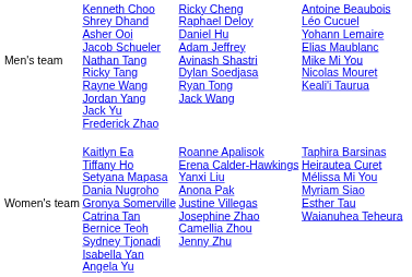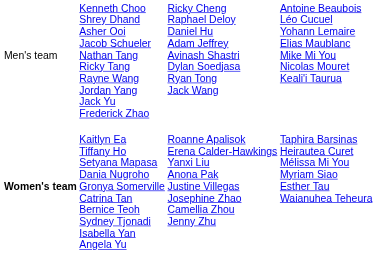 <table>
 <tr>
 <td>Men's team</td>
 <td valign="top"><br><a href='#'>Kenneth Choo</a><br><a href='#'>Shrey Dhand</a><br><a href='#'>Asher Ooi</a><br><a href='#'>Jacob Schueler</a><br><a href='#'>Nathan Tang</a><br><a href='#'>Ricky Tang</a><br><a href='#'>Rayne Wang</a><br><a href='#'>Jordan Yang</a><br><a href='#'>Jack Yu</a><br><a href='#'>Frederick Zhao</a></td>
 <td valign="top"><br><a href='#'>Ricky Cheng</a><br><a href='#'>Raphael Deloy</a><br><a href='#'>Daniel Hu</a><br><a href='#'>Adam Jeffrey</a><br><a href='#'>Avinash Shastri</a><br><a href='#'>Dylan Soedjasa</a><br><a href='#'>Ryan Tong</a><br><a href='#'>Jack Wang</a></td>
 <td valign="top"><br><a href='#'>Antoine Beaubois</a><br><a href='#'>Léo Cucuel</a><br><a href='#'>Yohann Lemaire</a><br><a href='#'>Elias Maublanc</a><br><a href='#'>Mike Mi You</a><br><a href='#'>Nicolas Mouret</a><br><a href='#'>Keali'i Taurua</a></td>
 </tr>
 <tr>
-<td>Women's team</td>
+<td><strong>Women's team</strong></td>
 <td valign="top"><br><a href='#'>Kaitlyn Ea</a><br><a href='#'>Tiffany Ho</a><br><a href='#'>Setyana Mapasa</a><br><a href='#'>Dania Nugroho</a><br><a href='#'>Gronya Somerville</a><br><a href='#'>Catrina Tan</a><br><a href='#'>Bernice Teoh</a><br><a href='#'>Sydney Tjonadi</a><br><a href='#'>Isabella Yan</a><br><a href='#'>Angela Yu</a></td>
 <td valign="top"><br><a href='#'>Roanne Apalisok</a><br><a href='#'>Erena Calder-Hawkings</a><br><a href='#'>Yanxi Liu</a><br><a href='#'>Anona Pak</a><br><a href='#'>Justine Villegas</a><br><a href='#'>Josephine Zhao</a><br><a href='#'>Camellia Zhou</a><br><a href='#'>Jenny Zhu</a></td>
 <td valign="top"><br><a href='#'>Taphira Barsinas</a><br><a href='#'>Heirautea Curet</a><br><a href='#'>Mélissa Mi You</a><br><a href='#'>Myriam Siao</a><br><a href='#'>Esther Tau</a><br><a href='#'>Waianuhea Teheura</a></td>
 </tr>
 </table>
